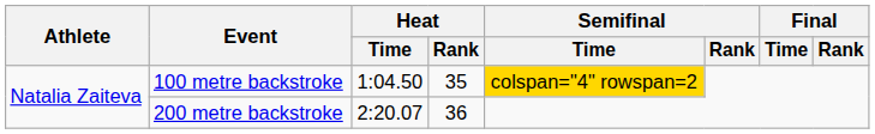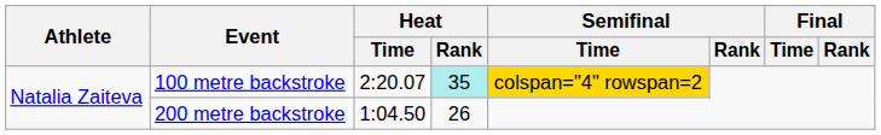 <table class="wikitable" style="text-align:center; font-size:90%; width:50%;">
 <tr>
 <th rowspan="2">Athlete</th>
 <th rowspan="2">Event</th>
 <th colspan="2">Heat</th>
 <th colspan="2">Semifinal</th>
 <th colspan="2">Final</th>
 </tr>
 <tr style="font-size:95%">
 <th>Time</th>
 <th>Rank</th>
 <th>Time</th>
 <th>Rank</th>
 <th>Time</th>
 <th>Rank</th>
 </tr>
 <tr>
 <td align=left rowspan=2><a href='#'>Natalia Zaiteva</a></td>
 <td align=left><a href='#'>100 metre backstroke</a></td>
-<td>1:04.50</td>
-<td>35</td>
+<td>2:20.07</td>
+<td style="background: paleturquoise;">35</td>
 <td style="background: gold;">colspan="4" rowspan=2</td>
 </tr>
 <tr>
 <td align=left><a href='#'>200 metre backstroke</a></td>
-<td>2:20.07</td>
-<td>36</td>
+<td>1:04.50</td>
+<td>26</td>
 </tr>
 </table>
